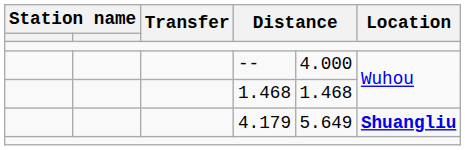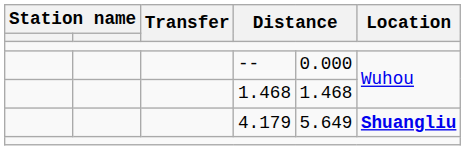 <table class="wikitable">
 <tr>
 <th colspan=2>Station name</th>
 <th rowspan=2>Transfer</th>
 <th colspan="2" rowspan="2">Distance<br></th>
 <th rowspan=2>Location</th>
 </tr>
 <tr>
 <th></th>
 <th></th>
 </tr>
 <tr style="background:#">
 <td colspan = "7"></td>
 </tr>
 <tr>
 <td></td>
 <td></td>
 <td></td>
 <td>--</td>
-<td>4.000</td>
+<td>0.000</td>
 <td rowspan="2"><a href='#'>Wuhou</a></td>
 </tr>
 <tr>
 <td></td>
 <td></td>
 <td></td>
 <td>1.468</td>
 <td>1.468</td>
 </tr>
 <tr>
 <td></td>
 <td></td>
 <td></td>
 <td>4.179</td>
 <td>5.649</td>
 <td><strong><a href='#'>Shuangliu</a></strong></td>
 </tr>
 <tr style="background:#">
 <td colspan="6"></td>
 </tr>
 </table>
